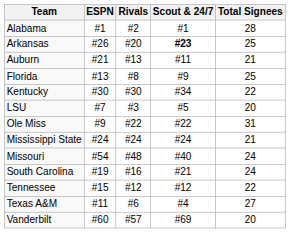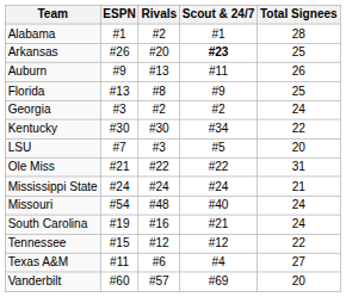 <table class="wikitable">
 <tr>
 <th>Team</th>
 <th>ESPN</th>
 <th>Rivals</th>
 <th>Scout & 24/7 </th>
 <th>Total Signees</th>
 </tr>
 <tr>
 <td>Alabama</td>
 <td style="text-align:center; background:white">#1</td>
 <td style="text-align:center; background:white">#2</td>
 <td style="text-align:center; background:white">#1</td>
 <td style="text-align:center; background:white">28</td>
 </tr>
 <tr>
 <td>Arkansas</td>
 <td style="text-align:center; background:white">#26</td>
 <td style="text-align:center; background:white">#20</td>
 <td style="text-align:center; background:white"><strong>#23</strong></td>
 <td style="text-align:center; background:white">25</td>
 </tr>
 <tr>
 <td>Auburn</td>
-<td style="text-align:center; background:white">#21</td>
+<td style="text-align:center; background:white">#9</td>
 <td style="text-align:center; background:white">#13</td>
 <td style="text-align:center; background:white">#11</td>
-<td style="text-align:center; background:white">21</td>
+<td style="text-align:center; background:white">26</td>
 </tr>
 <tr>
 <td>Florida</td>
 <td style="text-align:center; background:white">#13</td>
 <td style="text-align:center; background:white">#8</td>
 <td style="text-align:center; background:white">#9</td>
 <td style="text-align:center; background:white">25</td>
+</tr>
+<tr>
+<td>Georgia</td>
+<td style="text-align:center; background:white">#3</td>
+<td style="text-align:center; background:white">#2</td>
+<td style="text-align:center; background:white">#2</td>
+<td style="text-align:center; background:white">24</td>
 </tr>
 <tr>
 <td>Kentucky</td>
 <td style="text-align:center; background:white">#30</td>
 <td style="text-align:center; background:white">#30</td>
 <td style="text-align:center; background:white">#34</td>
 <td style="text-align:center; background:white">22</td>
 </tr>
 <tr>
 <td>LSU</td>
 <td style="text-align:center; background:white">#7</td>
 <td style="text-align:center; background:white">#3</td>
 <td style="text-align:center; background:white">#5</td>
 <td style="text-align:center; background:white">20</td>
 </tr>
 <tr>
 <td>Ole Miss</td>
-<td style="text-align:center; background:white">#9</td>
+<td style="text-align:center; background:white">#21</td>
 <td style="text-align:center; background:white">#22</td>
 <td style="text-align:center; background:white">#22</td>
 <td style="text-align:center; background:white">31</td>
 </tr>
 <tr>
 <td>Mississippi State</td>
 <td style="text-align:center; background:white">#24</td>
 <td style="text-align:center; background:white">#24</td>
 <td style="text-align:center; background:white">#24</td>
 <td style="text-align:center; background:white">21</td>
 </tr>
 <tr>
 <td>Missouri</td>
 <td style="text-align:center; background:white">#54</td>
 <td style="text-align:center; background:white">#48</td>
 <td style="text-align:center; background:white">#40</td>
 <td style="text-align:center; background:white">24</td>
 </tr>
 <tr>
 <td>South Carolina</td>
 <td style="text-align:center; background:white">#19</td>
 <td style="text-align:center; background:white">#16</td>
 <td style="text-align:center; background:white">#21</td>
 <td style="text-align:center; background:white">24</td>
 </tr>
 <tr>
 <td>Tennessee</td>
 <td style="text-align:center; background:white">#15</td>
 <td style="text-align:center; background:white">#12</td>
 <td style="text-align:center; background:white">#12</td>
 <td style="text-align:center; background:white">22</td>
 </tr>
 <tr>
 <td>Texas A&M</td>
 <td style="text-align:center; background:white">#11</td>
 <td style="text-align:center; background:white">#6</td>
 <td style="text-align:center; background:white">#4</td>
 <td style="text-align:center; background:white">27</td>
 </tr>
 <tr>
 <td>Vanderbilt</td>
 <td style="text-align:center; background:white">#60</td>
 <td style="text-align:center; background:white">#57</td>
 <td style="text-align:center; background:white">#69</td>
 <td style="text-align:center; background:white">20</td>
 </tr>
 </table>
